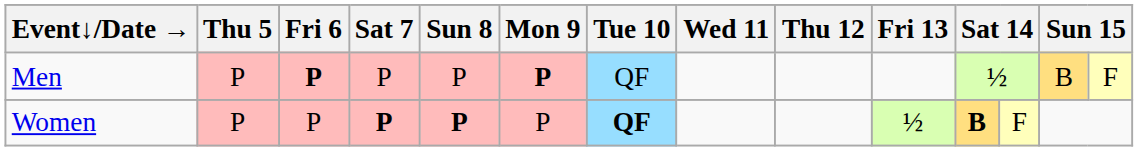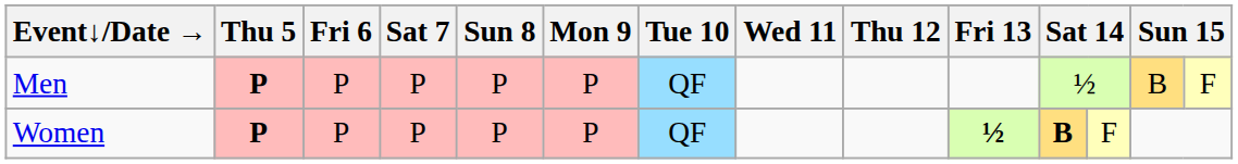 <table class="wikitable" style="margin:0.5em auto; font-size:90%; line-height:1.25em;">
 <tr style="text-align:center;">
 <th>Event↓/Date →</th>
 <th>Thu 5</th>
 <th>Fri 6</th>
 <th>Sat 7</th>
 <th>Sun 8</th>
 <th>Mon 9</th>
 <th>Tue 10</th>
 <th>Wed 11</th>
 <th>Thu 12</th>
 <th>Fri 13</th>
 <th colspan=2>Sat 14</th>
 <th colspan=2>Sun 15</th>
 </tr>
 <tr style="text-align:center;">
 <td style="text-align:left;"><a href='#'>Men</a></td>
-<td style="background-color:#FFBBBB;">P</td>
 <td style="background-color:#FFBBBB;"><strong>P</strong></td>
 <td style="background-color:#FFBBBB;">P</td>
 <td style="background-color:#FFBBBB;">P</td>
-<td style="background-color:#FFBBBB;"><strong>P</strong></td>
+<td style="background-color:#FFBBBB;">P</td>
+<td style="background-color:#FFBBBB;">P</td>
 <td style="background-color:#97DEFF;">QF</td>
 <td></td>
 <td></td>
 <td></td>
 <td colspan=2 style="background-color:#D9FFB2;">½</td>
 <td style="background-color:#FFDF80;">B</td>
 <td style="background-color:#FFFFBB;">F</td>
 </tr>
 <tr style="text-align:center;">
 <td style="text-align:left;"><a href='#'>Women</a></td>
+<td style="background-color:#FFBBBB;"><strong>P</strong></td>
 <td style="background-color:#FFBBBB;">P</td>
 <td style="background-color:#FFBBBB;">P</td>
-<td style="background-color:#FFBBBB;"><strong>P</strong></td>
-<td style="background-color:#FFBBBB;"><strong>P</strong></td>
 <td style="background-color:#FFBBBB;">P</td>
-<td style="background-color:#97DEFF;"><strong>QF</strong></td>
+<td style="background-color:#FFBBBB;">P</td>
+<td style="background-color:#97DEFF;">QF</td>
 <td></td>
 <td></td>
-<td style="background-color:#D9FFB2;">½</td>
+<td style="background-color:#D9FFB2;"><strong>½</strong></td>
 <td style="background-color:#FFDF80;"><strong>B</strong></td>
 <td style="background-color:#FFFFBB;">F</td>
 <td colspan=2></td>
 </tr>
 </table>
